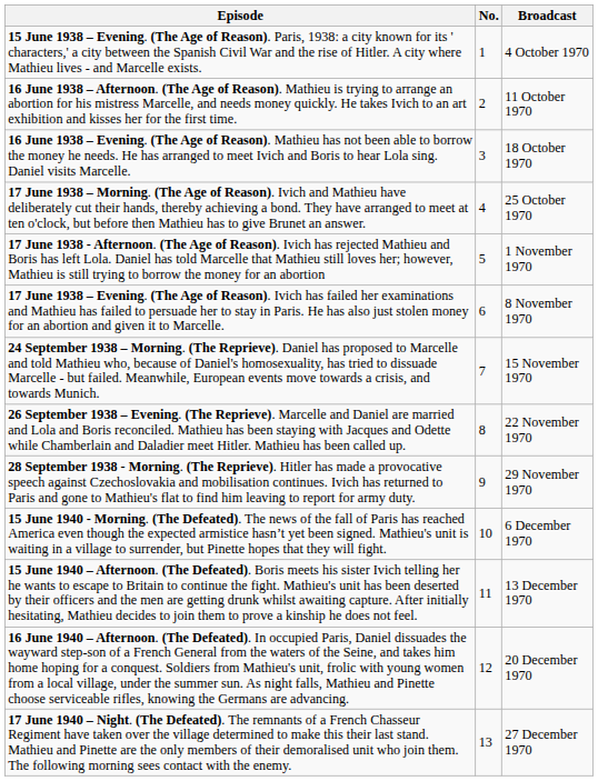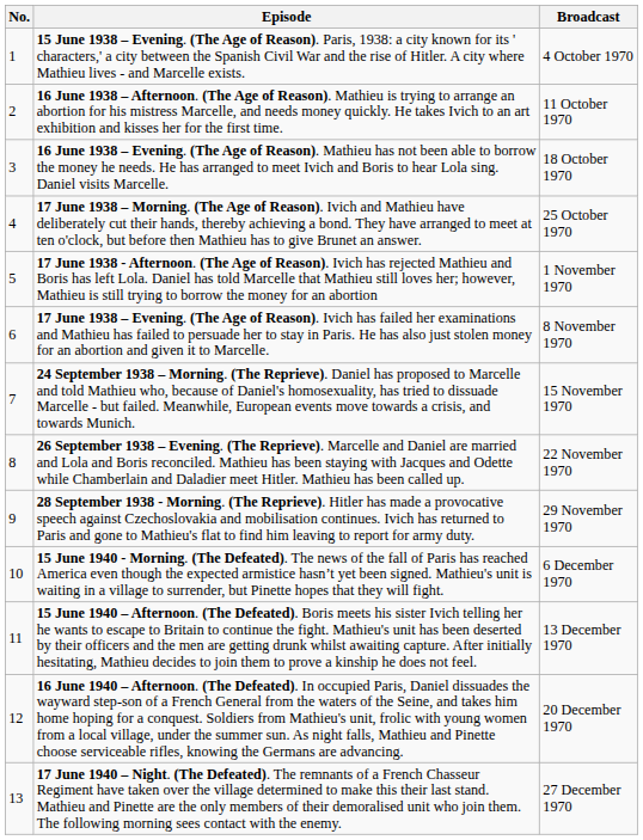 <table class="wikitable">
 <tr>
+<th scope="col" width="10">No.</th>
 <th scope="col" width="550">Episode</th>
-<th scope="col" width="10">No.</th>
 <th scope="col" width="100">Broadcast</th>
 </tr>
 <tr>
+<td>1</td>
 <td><strong>15 June 1938 – Evening</strong>. <strong>(The Age of Reason)</strong>. Paris, 1938: a city known for its ' characters,' a city between the Spanish Civil War and the rise of Hitler. A city where Mathieu lives - and Marcelle exists.</td>
-<td>1</td>
 <td>4 October 1970</td>
 </tr>
 <tr>
+<td>2</td>
 <td><strong>16 June 1938 – Afternoon</strong>. <strong>(The Age of Reason)</strong>. Mathieu is trying to arrange an abortion for his mistress Marcelle, and needs money quickly. He takes Ivich to an art exhibition and kisses her for the first time.</td>
-<td>2</td>
 <td>11 October 1970</td>
 </tr>
 <tr>
+<td>3</td>
 <td><strong>16 June 1938 – Evening</strong>. <strong>(The Age of Reason)</strong>. Mathieu has not been able to borrow the money he needs. He has arranged to meet Ivich and Boris to hear Lola sing. Daniel visits Marcelle.</td>
-<td>3</td>
 <td>18 October 1970</td>
 </tr>
 <tr>
+<td>4</td>
 <td><strong>17 June 1938 – Morning</strong>. <strong>(The Age of Reason)</strong>. Ivich and Mathieu have deliberately cut their hands, thereby achieving a bond. They have arranged to meet at ten o'clock, but before then Mathieu has to give Brunet an answer.</td>
-<td>4</td>
 <td>25 October 1970</td>
 </tr>
 <tr>
+<td>5</td>
 <td><strong>17 June 1938 - Afternoon</strong>. <strong>(The Age of Reason)</strong>. Ivich has rejected Mathieu and Boris has left Lola. Daniel has told Marcelle that Mathieu still loves her; however, Mathieu is still trying to borrow the money for an abortion</td>
-<td>5</td>
 <td>1 November 1970</td>
 </tr>
 <tr>
+<td>6</td>
 <td><strong>17 June 1938 – Evening</strong>. <strong>(The Age of Reason)</strong>.  Ivich has failed her examinations and Mathieu has failed to persuade her to stay in Paris. He has also just stolen money for an abortion and given it to Marcelle.</td>
-<td>6</td>
 <td>8 November 1970</td>
 </tr>
 <tr>
+<td>7</td>
 <td><strong>24 September 1938 – Morning</strong>. <strong>(The Reprieve)</strong>. Daniel has proposed to Marcelle and told Mathieu who, because of Daniel's homosexuality, has tried to dissuade Marcelle - but failed. Meanwhile, European events move towards a crisis, and towards Munich.</td>
-<td>7</td>
 <td>15 November 1970</td>
 </tr>
 <tr>
+<td>8</td>
 <td><strong>26 September 1938 – Evening</strong>. <strong>(The Reprieve)</strong>. Marcelle and Daniel are married and Lola and Boris reconciled. Mathieu has been staying with Jacques and Odette while Chamberlain and Daladier meet Hitler. Mathieu has been called up.</td>
-<td>8</td>
 <td>22 November 1970</td>
 </tr>
 <tr>
+<td>9</td>
 <td><strong>28 September 1938 - Morning</strong>.  <strong>(The Reprieve)</strong>. Hitler has made a provocative speech against Czechoslovakia and mobilisation continues. Ivich has returned to Paris and gone to Mathieu's flat to find him leaving to report for army duty.</td>
-<td>9</td>
 <td>29 November 1970</td>
 </tr>
 <tr>
+<td>10</td>
 <td><strong>15 June 1940 - Morning</strong>. <strong>(The Defeated)</strong>. The news of the fall of Paris has reached America even though the expected armistice hasn’t yet been signed. Mathieu's unit is waiting in a village to surrender, but Pinette hopes that they will fight.</td>
-<td>10</td>
 <td>6 December 1970</td>
 </tr>
 <tr>
+<td>11</td>
 <td><strong>15 June 1940 – Afternoon</strong>. <strong>(The Defeated)</strong>. Boris meets his sister Ivich telling her he wants to escape to Britain to continue the fight. Mathieu's unit has been deserted by their officers and the men are getting drunk whilst awaiting capture. After initially hesitating, Mathieu decides to join them to prove a kinship he does not feel.</td>
-<td>11</td>
 <td>13 December 1970</td>
 </tr>
 <tr>
+<td>12</td>
 <td><strong>16 June 1940 – Afternoon</strong>. <strong>(The Defeated)</strong>.  In occupied Paris, Daniel dissuades the wayward step-son of a French General from the waters of the Seine, and takes him home hoping for a conquest. Soldiers from Mathieu's unit, frolic with young women from a local village, under the summer sun. As night falls, Mathieu and Pinette choose serviceable rifles, knowing the Germans are advancing.</td>
-<td>12</td>
 <td>20 December 1970</td>
 </tr>
 <tr>
+<td>13</td>
 <td><strong>17 June 1940 – Night</strong>. <strong>(The Defeated)</strong>. The remnants of a French Chasseur Regiment have taken over the village determined to make this their last stand. Mathieu and Pinette are the only members of their demoralised unit who join them. The following morning sees contact with the enemy.</td>
-<td>13</td>
 <td>27 December 1970</td>
 </tr>
 </table>
